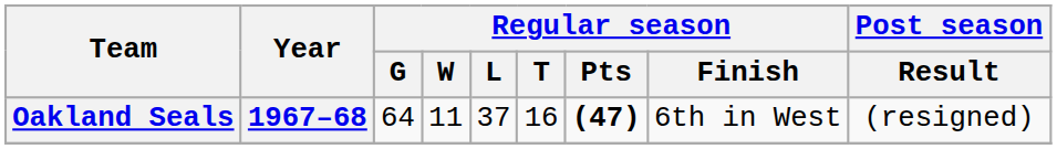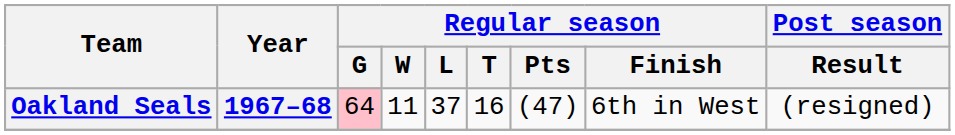 <table class="wikitable" style="font-size: 95%; text-align:center;">
 <tr>
 <th rowspan="2">Team</th>
 <th rowspan="2">Year</th>
 <th colspan="6"><a href='#'>Regular season</a></th>
 <th colspan="1"><a href='#'>Post season</a></th>
 </tr>
 <tr>
 <th>G</th>
 <th>W</th>
 <th>L</th>
 <th>T</th>
 <th>Pts</th>
 <th>Finish</th>
 <th>Result</th>
 </tr>
 <tr>
 <th><a href='#'>Oakland Seals</a></th>
 <th><a href='#'>1967–68</a></th>
-<td>64</td>
+<td style="background: pink;">64</td>
 <td>11</td>
 <td>37</td>
 <td>16</td>
-<td><strong>(47)</strong></td>
+<td>(47)</td>
 <td>6th in West</td>
 <td>(resigned)</td>
 </tr>
 <tr>
 </tr>
 </table>
